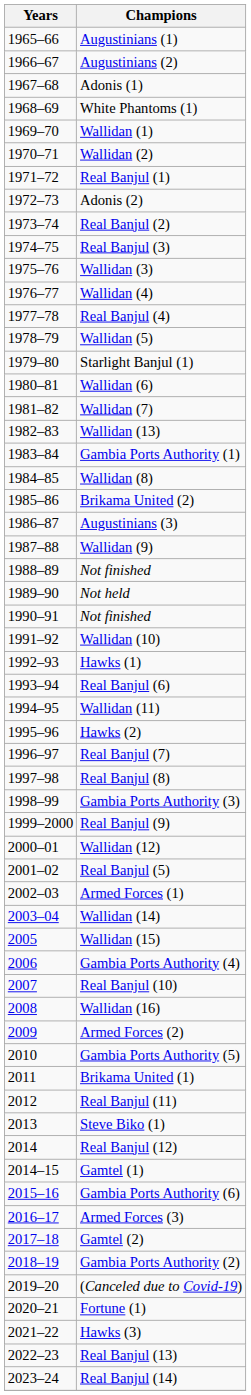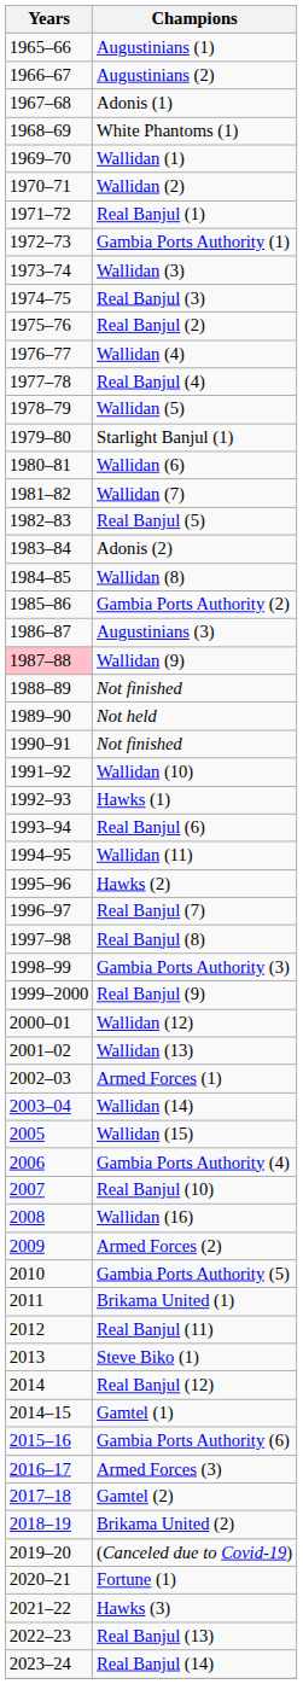 <table class="wikitable">
 <tr>
 <th>Years</th>
 <th>Champions</th>
 </tr>
 <tr>
 <td>1965–66</td>
 <td><a href='#'>Augustinians</a> (1)</td>
 </tr>
 <tr>
 <td>1966–67</td>
 <td><a href='#'>Augustinians</a> (2)</td>
 </tr>
 <tr>
 <td>1967–68</td>
 <td>Adonis (1)</td>
 </tr>
 <tr>
 <td>1968–69</td>
 <td>White Phantoms (1)</td>
 </tr>
 <tr>
 <td>1969–70</td>
 <td><a href='#'>Wallidan</a> (1)</td>
 </tr>
 <tr>
 <td>1970–71</td>
 <td><a href='#'>Wallidan</a> (2)</td>
 </tr>
 <tr>
 <td>1971–72</td>
 <td><a href='#'>Real Banjul</a> (1)</td>
 </tr>
 <tr>
 <td>1972–73</td>
-<td>Adonis (2)</td>
+<td><a href='#'>Gambia Ports Authority</a> (1)</td>
 </tr>
 <tr>
 <td>1973–74</td>
-<td><a href='#'>Real Banjul</a> (2)</td>
+<td><a href='#'>Wallidan</a> (3)</td>
 </tr>
 <tr>
 <td>1974–75</td>
 <td><a href='#'>Real Banjul</a> (3)</td>
 </tr>
 <tr>
 <td>1975–76</td>
-<td><a href='#'>Wallidan</a> (3)</td>
+<td><a href='#'>Real Banjul</a> (2)</td>
 </tr>
 <tr>
 <td>1976–77</td>
 <td><a href='#'>Wallidan</a> (4)</td>
 </tr>
 <tr>
 <td>1977–78</td>
 <td><a href='#'>Real Banjul</a> (4)</td>
 </tr>
 <tr>
 <td>1978–79</td>
 <td><a href='#'>Wallidan</a> (5)</td>
 </tr>
 <tr>
 <td>1979–80</td>
 <td>Starlight Banjul (1)</td>
 </tr>
 <tr>
 <td>1980–81</td>
 <td><a href='#'>Wallidan</a> (6)</td>
 </tr>
 <tr>
 <td>1981–82</td>
 <td><a href='#'>Wallidan</a> (7)</td>
 </tr>
 <tr>
 <td>1982–83</td>
-<td><a href='#'>Wallidan</a> (13)</td>
+<td><a href='#'>Real Banjul</a> (5)</td>
 </tr>
 <tr>
 <td>1983–84</td>
-<td><a href='#'>Gambia Ports Authority</a> (1)</td>
+<td>Adonis (2)</td>
 </tr>
 <tr>
 <td>1984–85</td>
 <td><a href='#'>Wallidan</a> (8)</td>
 </tr>
 <tr>
 <td>1985–86</td>
-<td><a href='#'>Brikama United</a> (2)</td>
+<td><a href='#'>Gambia Ports Authority</a> (2)</td>
 </tr>
 <tr>
 <td>1986–87</td>
 <td><a href='#'>Augustinians</a> (3)</td>
 </tr>
 <tr>
-<td>1987–88</td>
+<td style="background: pink;">1987–88</td>
 <td><a href='#'>Wallidan</a> (9)</td>
 </tr>
 <tr>
 <td>1988–89</td>
 <td><em>Not finished</em></td>
 </tr>
 <tr>
 <td>1989–90</td>
 <td><em>Not held</em></td>
 </tr>
 <tr>
 <td>1990–91</td>
 <td><em>Not finished</em></td>
 </tr>
 <tr>
 <td>1991–92</td>
 <td><a href='#'>Wallidan</a> (10)</td>
 </tr>
 <tr>
 <td>1992–93</td>
 <td><a href='#'>Hawks</a> (1)</td>
 </tr>
 <tr>
 <td>1993–94</td>
 <td><a href='#'>Real Banjul</a> (6)</td>
 </tr>
 <tr>
 <td>1994–95</td>
 <td><a href='#'>Wallidan</a> (11)</td>
 </tr>
 <tr>
 <td>1995–96</td>
 <td><a href='#'>Hawks</a> (2)</td>
 </tr>
 <tr>
 <td>1996–97</td>
 <td><a href='#'>Real Banjul</a> (7)</td>
 </tr>
 <tr>
 <td>1997–98</td>
 <td><a href='#'>Real Banjul</a> (8)</td>
 </tr>
 <tr>
 <td>1998–99</td>
 <td><a href='#'>Gambia Ports Authority</a> (3)</td>
 </tr>
 <tr>
 <td>1999–2000</td>
 <td><a href='#'>Real Banjul</a> (9)</td>
 </tr>
 <tr>
 <td>2000–01</td>
 <td><a href='#'>Wallidan</a> (12)</td>
 </tr>
 <tr>
 <td>2001–02</td>
-<td><a href='#'>Real Banjul</a> (5)</td>
+<td><a href='#'>Wallidan</a> (13)</td>
 </tr>
 <tr>
 <td>2002–03</td>
 <td><a href='#'>Armed Forces</a> (1)</td>
 </tr>
 <tr>
 <td><a href='#'>2003–04</a></td>
 <td><a href='#'>Wallidan</a> (14)</td>
 </tr>
 <tr>
 <td><a href='#'>2005</a></td>
 <td><a href='#'>Wallidan</a> (15)</td>
 </tr>
 <tr>
 <td><a href='#'>2006</a></td>
 <td><a href='#'>Gambia Ports Authority</a> (4)</td>
 </tr>
 <tr>
 <td><a href='#'>2007</a></td>
 <td><a href='#'>Real Banjul</a> (10)</td>
 </tr>
 <tr>
 <td><a href='#'>2008</a></td>
 <td><a href='#'>Wallidan</a> (16)</td>
 </tr>
 <tr>
 <td><a href='#'>2009</a></td>
 <td><a href='#'>Armed Forces</a> (2)</td>
 </tr>
 <tr>
 <td>2010</td>
 <td><a href='#'>Gambia Ports Authority</a> (5)</td>
 </tr>
 <tr>
 <td>2011</td>
 <td><a href='#'>Brikama United</a> (1)</td>
 </tr>
 <tr>
 <td>2012</td>
 <td><a href='#'>Real Banjul</a> (11)</td>
 </tr>
 <tr>
 <td>2013</td>
 <td><a href='#'>Steve Biko</a> (1)</td>
 </tr>
 <tr>
 <td>2014</td>
 <td><a href='#'>Real Banjul</a> (12)</td>
 </tr>
 <tr>
 <td>2014–15</td>
 <td><a href='#'>Gamtel</a> (1)</td>
 </tr>
 <tr>
 <td><a href='#'>2015–16</a></td>
 <td><a href='#'>Gambia Ports Authority</a> (6)</td>
 </tr>
 <tr>
 <td><a href='#'>2016–17</a></td>
 <td><a href='#'>Armed Forces</a> (3)</td>
 </tr>
 <tr>
 <td><a href='#'>2017–18</a></td>
 <td><a href='#'>Gamtel</a> (2)</td>
 </tr>
 <tr>
 <td><a href='#'>2018–19</a></td>
-<td><a href='#'>Gambia Ports Authority</a> (2)</td>
+<td><a href='#'>Brikama United</a> (2)</td>
 </tr>
 <tr>
 <td>2019–20</td>
 <td>(<em>Canceled due to <a href='#'>Covid-19</a></em>)</td>
 </tr>
 <tr>
 <td>2020–21</td>
 <td><a href='#'>Fortune</a> (1)</td>
 </tr>
 <tr>
 <td>2021–22</td>
 <td><a href='#'>Hawks</a> (3)</td>
 </tr>
 <tr>
 <td>2022–23</td>
 <td><a href='#'>Real Banjul</a> (13)</td>
 </tr>
 <tr>
 <td>2023–24</td>
 <td><a href='#'>Real Banjul</a> (14)</td>
 </tr>
 <tr>
 </tr>
 </table>
